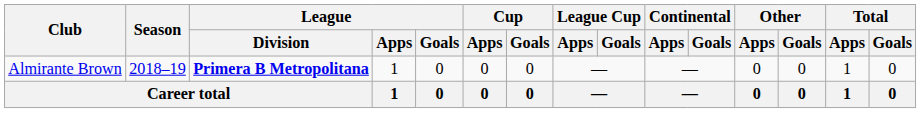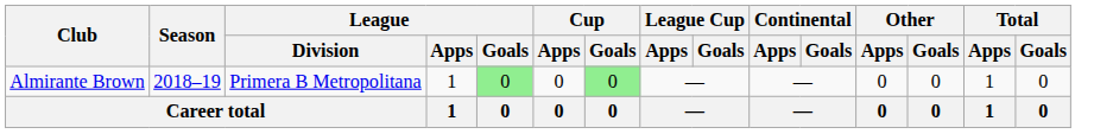 <table class="wikitable" style="text-align:center">
 <tr>
 <th rowspan="2">Club</th>
 <th rowspan="2">Season</th>
 <th colspan="3">League</th>
 <th colspan="2">Cup</th>
 <th colspan="2">League Cup</th>
 <th colspan="2">Continental</th>
 <th colspan="2">Other</th>
 <th colspan="2">Total</th>
 </tr>
 <tr>
 <th>Division</th>
 <th>Apps</th>
 <th>Goals</th>
 <th>Apps</th>
 <th>Goals</th>
 <th>Apps</th>
 <th>Goals</th>
 <th>Apps</th>
 <th>Goals</th>
 <th>Apps</th>
 <th>Goals</th>
 <th>Apps</th>
 <th>Goals</th>
 </tr>
 <tr>
 <td rowspan="1"><a href='#'>Almirante Brown</a></td>
 <td><a href='#'>2018–19</a></td>
-<td rowspan="1"><strong><a href='#'>Primera B Metropolitana</a></strong></td>
+<td rowspan="1"><a href='#'>Primera B Metropolitana</a></td>
 <td>1</td>
+<td style="background: lightgreen;">0</td>
 <td>0</td>
-<td>0</td>
-<td>0</td>
+<td style="background: lightgreen;">0</td>
 <td colspan="2">—</td>
 <td colspan="2">—</td>
 <td>0</td>
 <td>0</td>
 <td>1</td>
 <td>0</td>
 </tr>
 <tr>
 <th colspan="3">Career total</th>
 <th>1</th>
 <th>0</th>
 <th>0</th>
 <th>0</th>
 <th colspan="2">—</th>
 <th colspan="2">—</th>
 <th>0</th>
 <th>0</th>
 <th>1</th>
 <th>0</th>
 </tr>
 </table>
